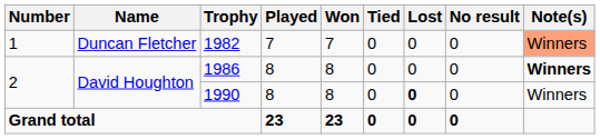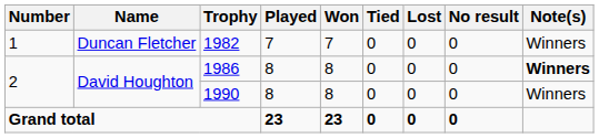 <table class="wikitable">
 <tr style="background:#efefef;">
 <th>Number</th>
 <th>Name</th>
 <th>Trophy</th>
 <th>Played</th>
 <th>Won</th>
 <th>Tied</th>
 <th>Lost</th>
 <th>No result</th>
 <th>Note(s)</th>
 </tr>
 <tr>
 <td>1</td>
 <td><a href='#'>Duncan Fletcher</a></td>
 <td><a href='#'>1982</a></td>
 <td>7</td>
 <td>7</td>
 <td>0</td>
 <td>0</td>
 <td>0</td>
-<td style="background: lightsalmon;">Winners</td>
+<td>Winners</td>
 </tr>
 <tr>
 <td rowspan=2>2</td>
 <td rowspan=2><a href='#'>David Houghton</a></td>
 <td><a href='#'>1986</a></td>
 <td>8</td>
 <td>8</td>
 <td>0</td>
 <td>0</td>
 <td>0</td>
 <td><strong>Winners</strong></td>
 </tr>
 <tr>
 <td><a href='#'>1990</a></td>
 <td>8</td>
 <td>8</td>
 <td>0</td>
-<td><strong>0</strong></td>
+<td>0</td>
 <td>0</td>
 <td>Winners</td>
 </tr>
 <tr class="sortbottom">
 <td colspan=3><strong>Grand total</strong></td>
 <td><strong>23</strong></td>
 <td><strong>23</strong></td>
 <td><strong>0</strong></td>
 <td><strong>0</strong></td>
 <td><strong>0</strong></td>
 <td></td>
 </tr>
 </table>
